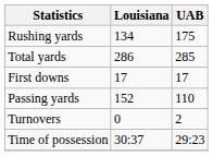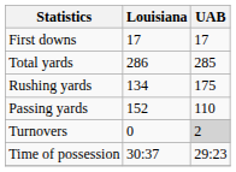 <table class="wikitable">
 <tr>
 <th>Statistics</th>
 <th>Louisiana</th>
 <th>UAB</th>
 </tr>
 <tr>
-<td>Rushing yards</td>
-<td>134</td>
-<td>175</td>
+<td>First downs</td>
+<td>17</td>
+<td>17</td>
 </tr>
 <tr>
 <td>Total yards</td>
 <td>286</td>
 <td>285</td>
 </tr>
 <tr>
-<td>First downs</td>
-<td>17</td>
-<td>17</td>
+<td>Rushing yards</td>
+<td>134</td>
+<td>175</td>
 </tr>
 <tr>
 <td>Passing yards</td>
 <td>152</td>
 <td>110</td>
 </tr>
 <tr>
 <td>Turnovers</td>
 <td>0</td>
-<td>2</td>
+<td style="background: lightgrey;">2</td>
 </tr>
 <tr>
 <td>Time of possession</td>
 <td>30:37</td>
 <td>29:23</td>
 </tr>
 <tr>
 </tr>
 </table>
